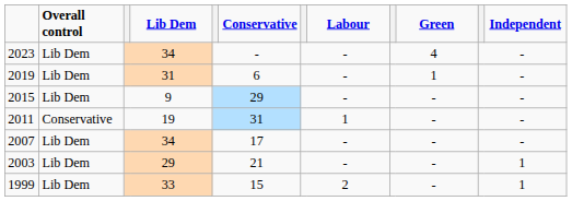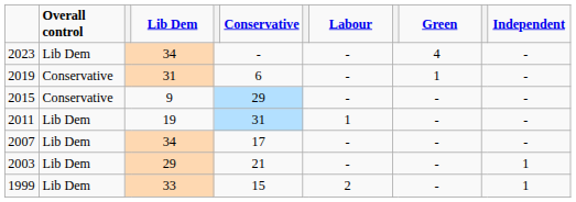 <table class="wikitable" style="text-align:left; padding-left:1em; font-size: 95%">
 <tr>
 <td width=32></td>
 <td width=90><strong>Overall control</strong></td>
 <th style="background-color: "></th>
 <td width=87 align="center"><strong><a href='#'>Lib Dem</a></strong></td>
 <th style="background-color: "></th>
 <td width=87 align="center"><strong><a href='#'>Conservative</a></strong></td>
 <th style="background-color: "></th>
 <td width=87 align="center"><strong><a href='#'>Labour</a></strong></td>
 <th style="background-color: "></th>
 <td width=87 align="center"><strong><a href='#'>Green</a></strong></td>
 <th style="background-color: "></th>
 <td width=87 align="center"><strong><a href='#'>Independent</a></strong></td>
 </tr>
 <tr>
 <td>2023</td>
 <td style="background:">Lib Dem</td>
 <td colspan=2 align="center" style="background:#fed8b1">34</td>
 <td colspan=2 align="center">-</td>
 <td colspan=2 align="center">-</td>
 <td colspan=2 align="center">4</td>
 <td colspan=2 align="center">-</td>
 </tr>
 <tr>
 <td>2019</td>
-<td style="background:">Lib Dem</td>
+<td style="background:">Conservative</td>
 <td colspan=2 align="center" style="background:#fed8b1">31</td>
 <td colspan=2 align="center">6</td>
 <td colspan=2 align="center">-</td>
 <td colspan=2 align="center">1</td>
 <td colspan=2 align="center">-</td>
 </tr>
 <tr>
 <td>2015</td>
-<td style="background:">Lib Dem</td>
+<td style="background:">Conservative</td>
 <td colspan=2 align="center">9</td>
 <td colspan=2 align="center" style="background:#B3E0FF">29</td>
 <td colspan=2 align="center">-</td>
 <td colspan=2 align="center">-</td>
 <td colspan=2 align="center">-</td>
 </tr>
 <tr>
 <td>2011</td>
-<td style="background:">Conservative</td>
+<td style="background:">Lib Dem</td>
 <td colspan=2 align="center">19</td>
 <td colspan=2 align="center" style="background:#B3E0FF">31</td>
 <td colspan=2 align="center">1</td>
 <td colspan=2 align="center">-</td>
 <td colspan=2 align="center">-</td>
 </tr>
 <tr>
 <td>2007</td>
 <td style="background:">Lib Dem</td>
 <td colspan=2 align="center" style="background:#fed8b1">34</td>
 <td colspan=2 align="center">17</td>
 <td colspan=2 align="center">-</td>
 <td colspan=2 align="center">-</td>
 <td colspan=2 align="center">-</td>
 </tr>
 <tr>
 <td>2003</td>
 <td style="background:">Lib Dem</td>
 <td colspan=2 align="center" style="background:#fed8b1">29</td>
 <td colspan=2 align="center">21</td>
 <td colspan=2 align="center">-</td>
 <td colspan=2 align="center">-</td>
 <td colspan=2 align="center">1</td>
 </tr>
 <tr>
 <td>1999</td>
 <td style="background:">Lib Dem</td>
 <td colspan=2 align="center" style="background:#fed8b1">33</td>
 <td colspan=2 align="center">15</td>
 <td colspan=2 align="center">2</td>
 <td colspan=2 align="center">-</td>
 <td colspan=2 align="center">1</td>
 </tr>
 </table>
